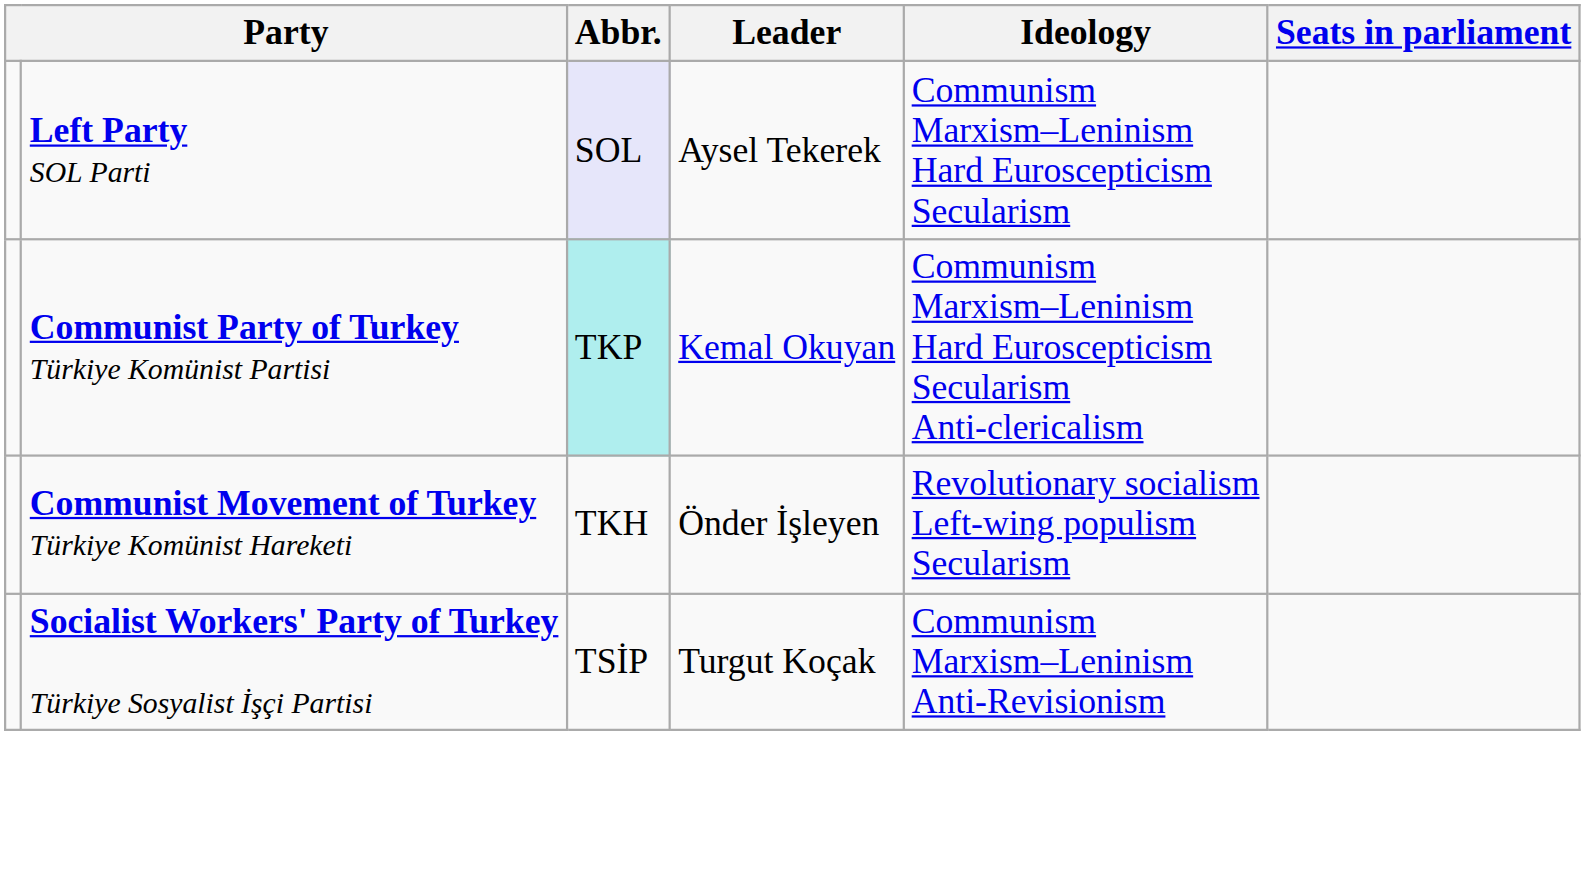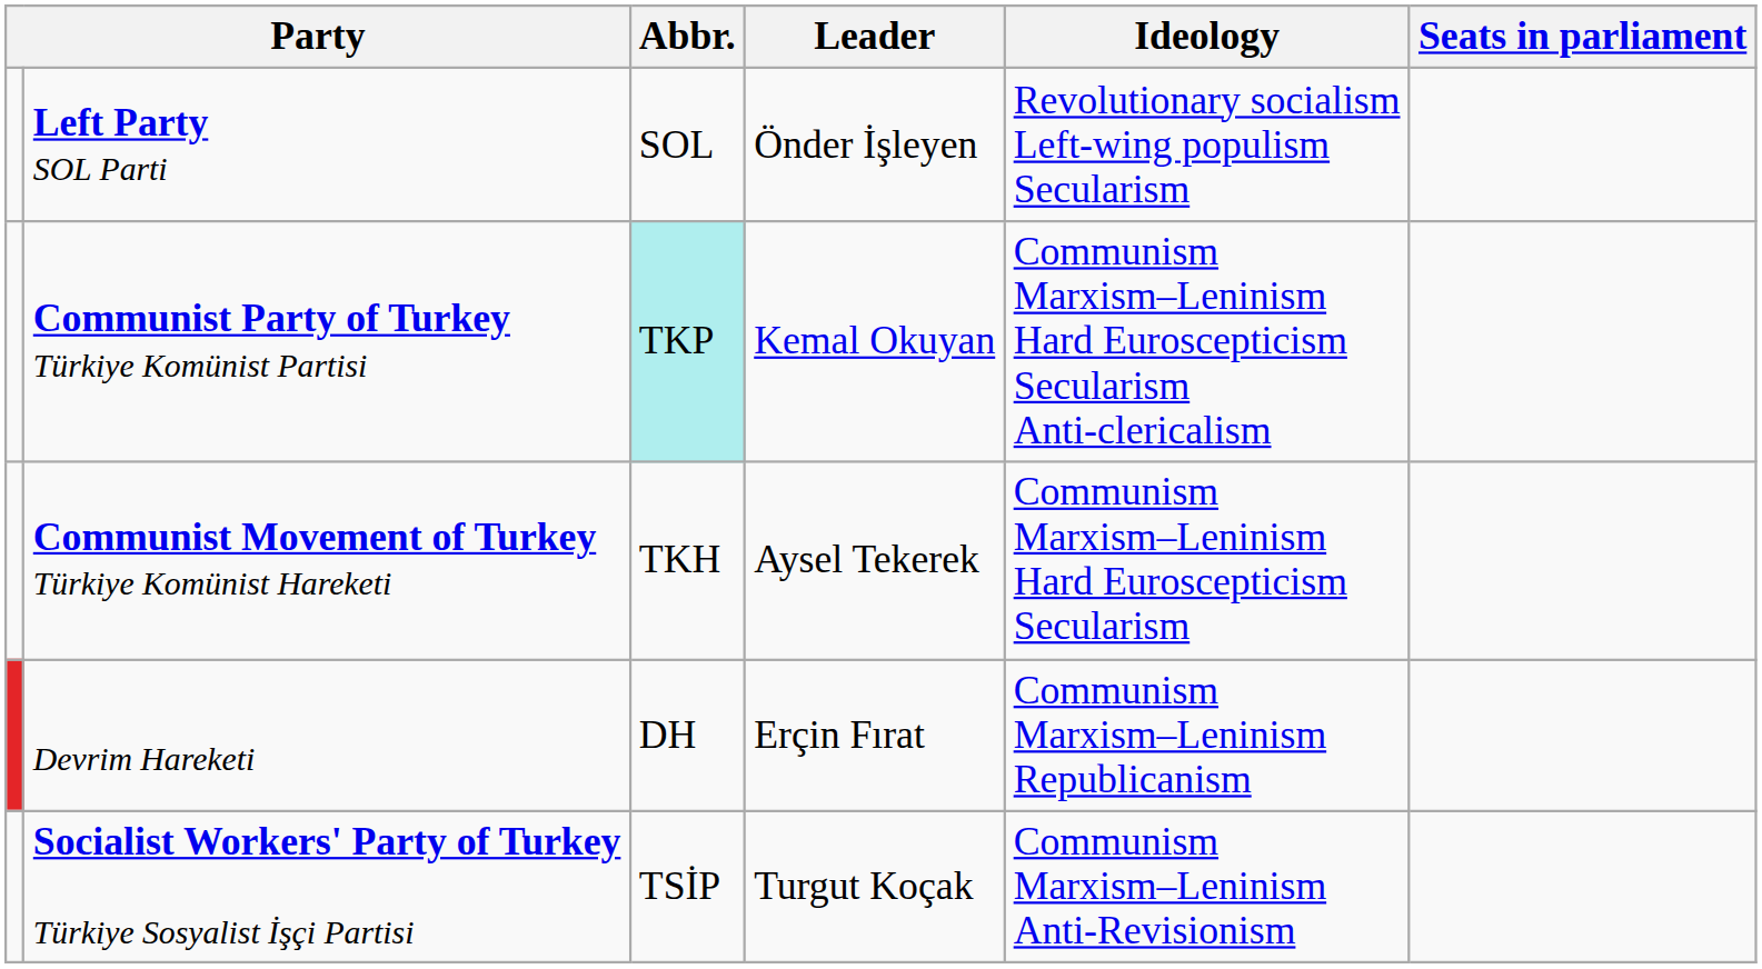 <table class="wikitable" style="font-size:100%">
 <tr>
 <th colspan="2">Party</th>
 <th>Abbr.</th>
 <th>Leader</th>
 <th>Ideology</th>
 <th><a href='#'>Seats in parliament</a></th>
 </tr>
 <tr>
 <td style="background-color:"></td>
 <td><strong><a href='#'>Left Party</a></strong><br><small><em>SOL Parti</em></small></td>
-<td style="background: lavender;">SOL</td>
-<td>Aysel Tekerek</td>
-<td><a href='#'>Communism</a><br><a href='#'>Marxism–Leninism</a><br><a href='#'>Hard Euroscepticism</a><br><a href='#'>Secularism</a></td>
+<td>SOL</td>
+<td>Önder İşleyen</td>
+<td><a href='#'>Revolutionary socialism</a><br><a href='#'>Left-wing populism</a><br><a href='#'>Secularism</a></td>
 <td></td>
 </tr>
 <tr>
 <td style="background-color:"></td>
 <td><strong><a href='#'>Communist Party of Turkey</a></strong><br><small><em>Türkiye Komünist Partisi</em></small></td>
 <td style="background: paleturquoise;">TKP</td>
 <td><a href='#'>Kemal Okuyan</a></td>
 <td><a href='#'>Communism</a><br><a href='#'>Marxism–Leninism</a><br><a href='#'>Hard Euroscepticism</a><br><a href='#'>Secularism</a><br><a href='#'>Anti-clericalism</a></td>
 <td></td>
 </tr>
 <tr>
 <td style="background-color:"></td>
 <td><strong><a href='#'>Communist Movement of Turkey</a></strong><br><small><em>Türkiye Komünist Hareketi</em></small></td>
 <td>TKH</td>
-<td>Önder İşleyen</td>
-<td><a href='#'>Revolutionary socialism</a><br><a href='#'>Left-wing populism</a><br><a href='#'>Secularism</a></td>
+<td>Aysel Tekerek</td>
+<td><a href='#'>Communism</a><br><a href='#'>Marxism–Leninism</a><br><a href='#'>Hard Euroscepticism</a><br><a href='#'>Secularism</a></td>
+<td></td>
+</tr>
+<tr>
+<td style="background-color:#E42528"></td>
+<td><strong></strong><br><small><em>Devrim Hareketi</em></small></td>
+<td>DH</td>
+<td>Erçin Fırat</td>
+<td><a href='#'>Communism</a><br><a href='#'>Marxism–Leninism</a><br><a href='#'>Republicanism</a></td>
 <td></td>
 </tr>
 <tr>
 <td style="background-color:"></td>
 <td><strong><a href='#'>Socialist Workers' Party of Turkey</a></strong><br><br><small><em>Türkiye Sosyalist İşçi Partisi</em></small></td>
 <td>TSİP</td>
 <td>Turgut Koçak</td>
 <td><a href='#'>Communism</a><br><a href='#'>Marxism–Leninism</a><br><a href='#'>Anti-Revisionism</a></td>
 <td></td>
 </tr>
 </table>
